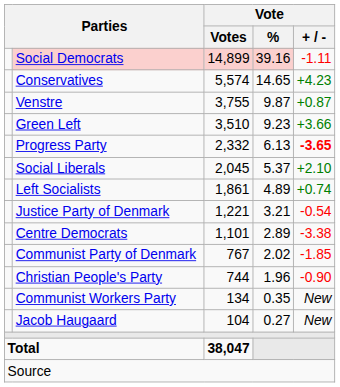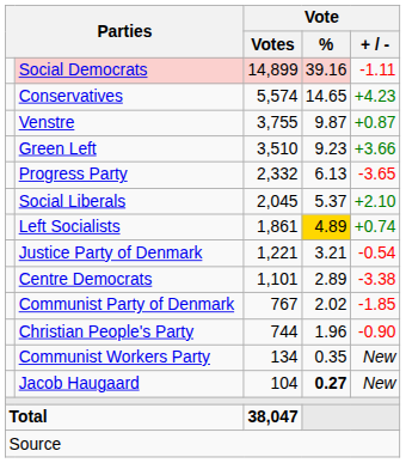 <table class="wikitable" style="text-align:right;">
 <tr>
 <th style="text-align:centre;" rowspan="2" colspan="2" width="225">Parties</th>
 <th colspan="3">Vote</th>
 </tr>
 <tr>
 <th width="15">Votes</th>
 <th width="15">%</th>
 <th width="15">+ / -</th>
 </tr>
 <tr>
 <td width="2" style="color:inherit;background:"></td>
 <td bgcolor=#fbd0ce  align="left"><a href='#'>Social Democrats</a></td>
 <td bgcolor=#fbd0ce>14,899</td>
 <td bgcolor=#fbd0ce>39.16</td>
 <td style=color:red;>-1.11</td>
 </tr>
 <tr>
 <td width="2" style="color:inherit;background:"></td>
 <td align="left"><a href='#'>Conservatives</a></td>
 <td>5,574</td>
 <td>14.65</td>
 <td style=color:green;>+4.23</td>
 </tr>
 <tr>
 <td width="2" style="color:inherit;background:"></td>
 <td align="left"><a href='#'>Venstre</a></td>
 <td>3,755</td>
 <td>9.87</td>
 <td style=color:green;>+0.87</td>
 </tr>
 <tr>
 <td width="2" style="color:inherit;background:"></td>
 <td align="left"><a href='#'>Green Left</a></td>
 <td>3,510</td>
 <td>9.23</td>
 <td style=color:green;>+3.66</td>
 </tr>
 <tr>
 <td width="2" style="color:inherit;background:"></td>
 <td align="left"><a href='#'>Progress Party</a></td>
 <td>2,332</td>
 <td>6.13</td>
-<td style=color:red;><strong>-3.65</strong></td>
+<td style=color:red;>-3.65</td>
 </tr>
 <tr>
 <td width="2" style="color:inherit;background:"></td>
 <td align="left"><a href='#'>Social Liberals</a></td>
 <td>2,045</td>
 <td>5.37</td>
 <td style=color:green;>+2.10</td>
 </tr>
 <tr>
 <td width="2" style="color:inherit;background:"></td>
 <td align="left"><a href='#'>Left Socialists</a></td>
 <td>1,861</td>
-<td>4.89</td>
+<td style="background: gold;">4.89</td>
 <td style=color:green;>+0.74</td>
 </tr>
 <tr>
 <td width="2" style="color:inherit;background:"></td>
 <td align="left"><a href='#'>Justice Party of Denmark</a></td>
 <td>1,221</td>
 <td>3.21</td>
 <td style=color:red;>-0.54</td>
 </tr>
 <tr>
 <td width="2" style="color:inherit;background:"></td>
 <td align="left"><a href='#'>Centre Democrats</a></td>
 <td>1,101</td>
 <td>2.89</td>
 <td style=color:red;>-3.38</td>
 </tr>
 <tr>
 <td width="2" style="color:inherit;background:"></td>
 <td align="left"><a href='#'>Communist Party of Denmark</a></td>
 <td>767</td>
 <td>2.02</td>
 <td style=color:red;>-1.85</td>
 </tr>
 <tr>
 <td width="2" style="color:inherit;background:"></td>
 <td align="left"><a href='#'>Christian People's Party</a></td>
 <td>744</td>
 <td>1.96</td>
 <td style=color:red;>-0.90</td>
 </tr>
 <tr>
 <td width="2" style="color:inherit;background:"></td>
 <td align="left"><a href='#'>Communist Workers Party</a></td>
 <td>134</td>
 <td>0.35</td>
 <td><em>New</em></td>
 </tr>
 <tr>
 <td width="2" style="color:inherit;background:"></td>
 <td align="left"><a href='#'>Jacob Haugaard</a></td>
 <td>104</td>
-<td>0.27</td>
+<td><strong>0.27</strong></td>
 <td><em>New</em></td>
 </tr>
 <tr>
 <td colspan="7" bgcolor="#E9E9E9"></td>
 </tr>
 <tr>
 <td align="left" colspan="2"><strong>Total</strong></td>
 <td><strong>38,047</strong></td>
 <td bgcolor="#E9E9E9" colspan="2"></td>
 </tr>
 <tr>
 <td align="left" colspan="6">Source</td>
 </tr>
 </table>
